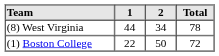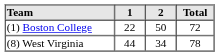 <table border=1 cellspacing=0 width=300 style="margin-left:3em;">
 <tr style="text-align:center; background-color:#e6e6e6;">
 <th align=left width=35%>Team</th>
 <th width=10%>1</th>
 <th width=10%>2</th>
 <th width=10%>Total</th>
 </tr>
 <tr style="text-align:center;">
+<td align=left>(1) <a href='#'>Boston College</a></td>
+<td>22</td>
+<td>50</td>
+<td>72</td>
+</tr>
+<tr style="text-align:center;">
 <td align=left>(8) West Virginia</td>
 <td>44</td>
 <td>34</td>
 <td>78</td>
 </tr>
 <tr style="text-align:center;">
-<td align=left>(1) <a href='#'>Boston College</a></td>
-<td>22</td>
-<td>50</td>
-<td>72</td>
-</tr>
-<tr style="text-align:center;">
 </tr>
 </table>
